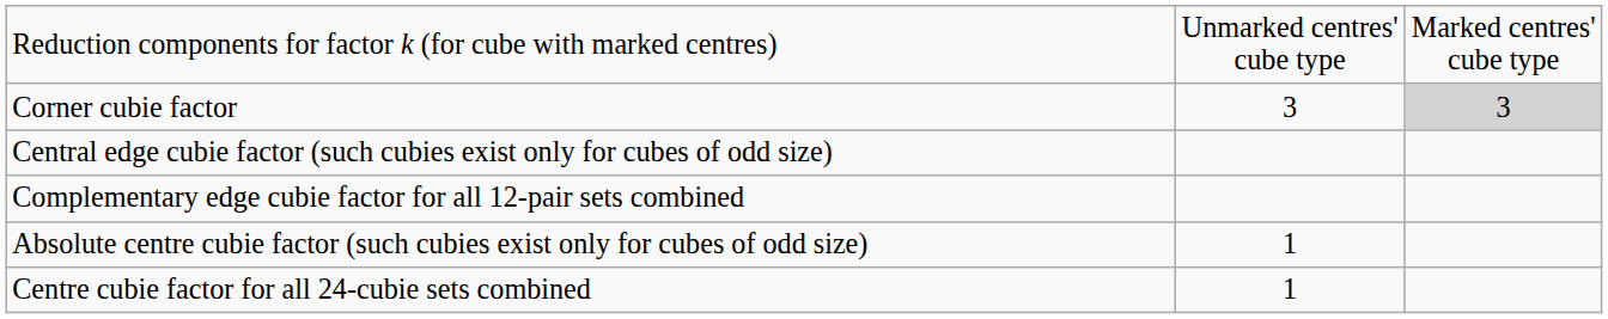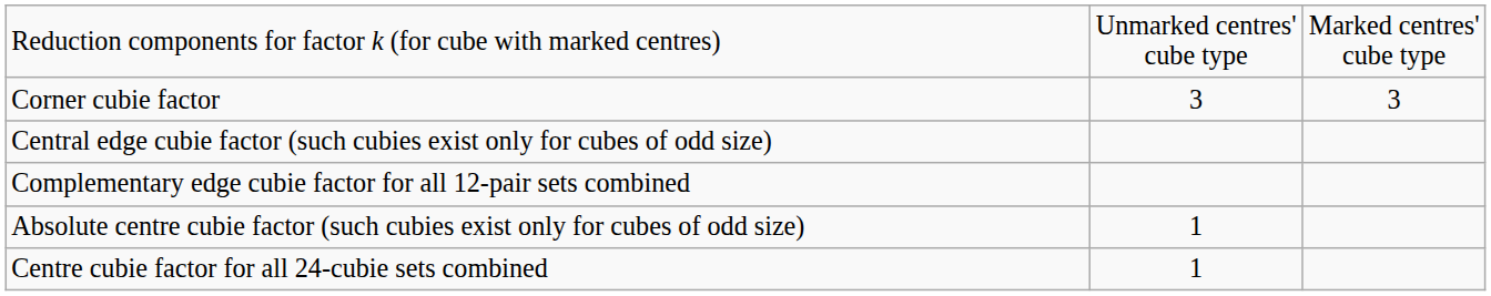 <table class="wikitable" style="margin:0.5em auto; text-align:center">
 <tr>
 <td style="text-align:left; width:40em">Reduction components for factor <em>k</em> (for cube with marked centres)</td>
 <td>Unmarked centres'<br>cube type</td>
 <td>Marked centres'<br>cube type</td>
 </tr>
 <tr>
 <td style="text-align:left">Corner cubie factor</td>
 <td>3</td>
-<td style="background: lightgrey;">3</td>
+<td>3</td>
 </tr>
 <tr>
 <td style="text-align:left">Central edge cubie factor (such cubies exist only for cubes of odd size)</td>
 <td></td>
 <td></td>
 </tr>
 <tr>
 <td style="text-align:left">Complementary edge cubie factor for all 12-pair sets combined</td>
 <td></td>
 <td></td>
 </tr>
 <tr>
 <td style="text-align:left">Absolute centre cubie factor (such cubies exist only for cubes of odd size)</td>
 <td>1</td>
 <td></td>
 </tr>
 <tr>
 <td style="text-align:left">Centre cubie factor for all 24-cubie sets combined</td>
 <td>1</td>
 <td></td>
 </tr>
 </table>
